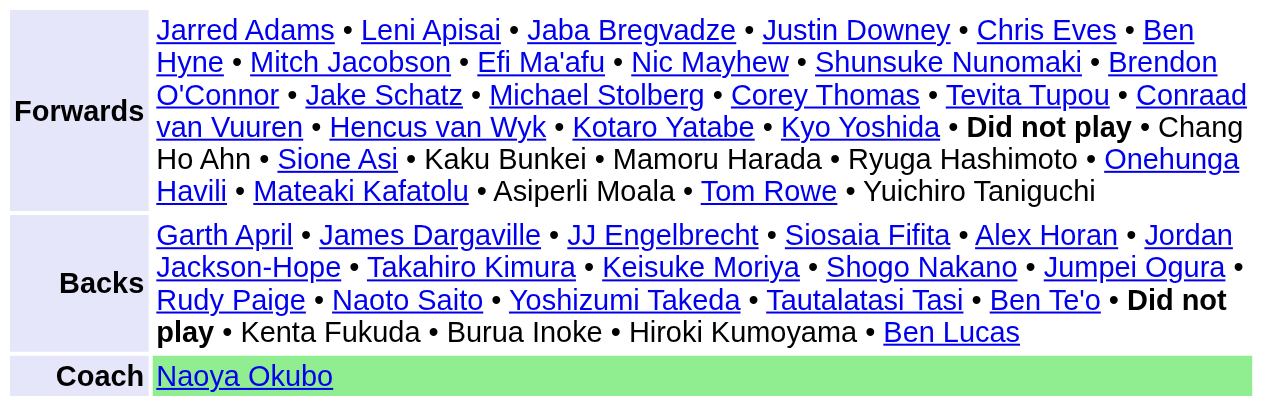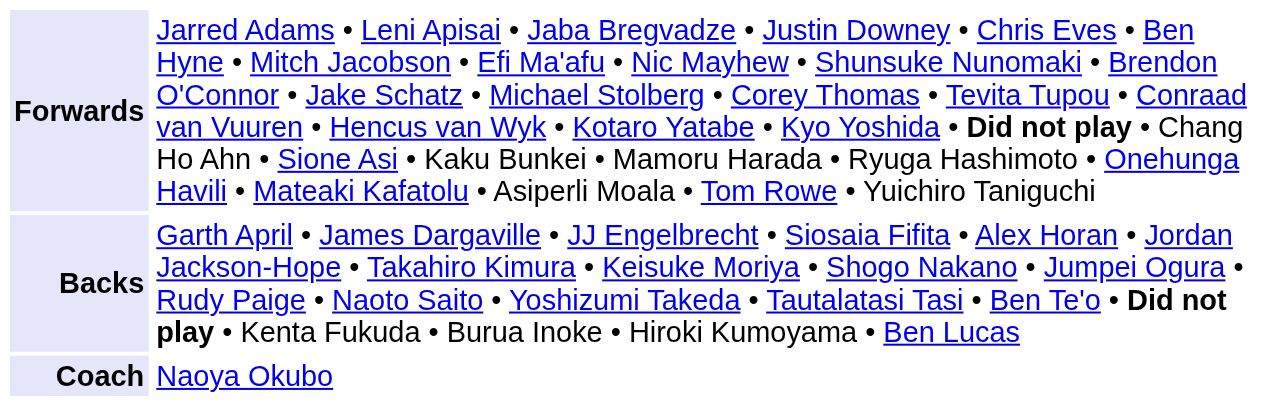 <table cellpadding="2" style="border: 1px solid white; font-size:90%;">
 <tr>
 <td style="text-align:right;" bgcolor="lavender"><strong>Forwards</strong></td>
 <td style="text-align:left;"><a href='#'>Jarred Adams</a> • <a href='#'>Leni Apisai</a> • <a href='#'>Jaba Bregvadze</a> • <a href='#'>Justin Downey</a> • <a href='#'>Chris Eves</a> • <a href='#'>Ben Hyne</a> • <a href='#'>Mitch Jacobson</a> • <a href='#'>Efi Ma'afu</a> • <a href='#'>Nic Mayhew</a> • <a href='#'>Shunsuke Nunomaki</a> • <a href='#'>Brendon O'Connor</a> • <a href='#'>Jake Schatz</a> • <a href='#'>Michael Stolberg</a> • <a href='#'>Corey Thomas</a> • <a href='#'>Tevita Tupou</a> • <a href='#'>Conraad van Vuuren</a> • <a href='#'>Hencus van Wyk</a> • <a href='#'>Kotaro Yatabe</a> • <a href='#'>Kyo Yoshida</a> • <strong>Did not play</strong> • Chang Ho Ahn • <a href='#'>Sione Asi</a> • Kaku Bunkei • Mamoru Harada • Ryuga Hashimoto • <a href='#'>Onehunga Havili</a> • <a href='#'>Mateaki Kafatolu</a> • Asiperli Moala • <a href='#'>Tom Rowe</a> • Yuichiro Taniguchi</td>
 </tr>
 <tr>
 <td style="text-align:right;" bgcolor="lavender"><strong>Backs</strong></td>
 <td style="text-align:left;"><a href='#'>Garth April</a> • <a href='#'>James Dargaville</a> • <a href='#'>JJ Engelbrecht</a> • <a href='#'>Siosaia Fifita</a> • <a href='#'>Alex Horan</a> • <a href='#'>Jordan Jackson-Hope</a> • <a href='#'>Takahiro Kimura</a> • <a href='#'>Keisuke Moriya</a> • <a href='#'>Shogo Nakano</a> • <a href='#'>Jumpei Ogura</a> • <a href='#'>Rudy Paige</a> • <a href='#'>Naoto Saito</a> • <a href='#'>Yoshizumi Takeda</a> • <a href='#'>Tautalatasi Tasi</a> • <a href='#'>Ben Te'o</a> • <strong>Did not play</strong> • Kenta Fukuda • Burua Inoke • Hiroki Kumoyama • <a href='#'>Ben Lucas</a></td>
 </tr>
 <tr>
 <td style="text-align:right;" bgcolor="lavender"><strong>Coach</strong></td>
-<td style="background: lightgreen; text-align:left;"><a href='#'>Naoya Okubo</a></td>
+<td style="text-align:left;"><a href='#'>Naoya Okubo</a></td>
 </tr>
 </table>
